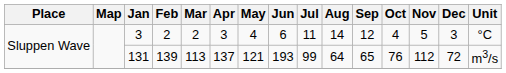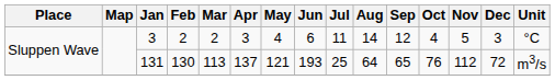 <table class="wikitable" style="text-align: center;">
 <tr>
 <th>Place</th>
 <th>Map</th>
 <th>Jan</th>
 <th>Feb</th>
 <th>Mar</th>
 <th>Apr</th>
 <th>May</th>
 <th>Jun</th>
 <th>Jul</th>
 <th>Aug</th>
 <th>Sep</th>
 <th>Oct</th>
 <th>Nov</th>
 <th>Dec</th>
 <th>Unit</th>
 </tr>
 <tr>
 <td rowspan="2">Sluppen Wave</td>
 <td rowspan="2"></td>
 <td>3</td>
 <td>2</td>
 <td>2</td>
 <td>3</td>
 <td>4</td>
 <td>6</td>
 <td>11</td>
 <td>14</td>
 <td>12</td>
 <td>4</td>
 <td>5</td>
 <td>3</td>
 <td>°C</td>
 </tr>
 <tr>
 <td>131</td>
-<td>139</td>
+<td>130</td>
 <td>113</td>
 <td>137</td>
 <td>121</td>
 <td>193</td>
-<td>99</td>
+<td>25</td>
 <td>64</td>
 <td>65</td>
 <td>76</td>
 <td>112</td>
 <td>72</td>
 <td>m<sup>3</sup>/s</td>
 </tr>
 <tr>
 </tr>
 </table>
